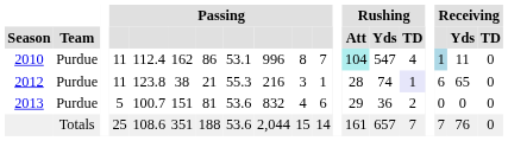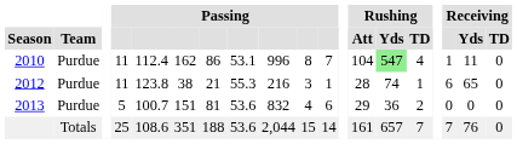 <table border="0" cellpadding="3" cellspacing="0" style="text-align:center">
 <tr style="background:#e0e0e0;">
 <th colspan="2" style="background:White;"> </th>
 <th rowspan="99" style="background:White;"> </th>
 <th colspan="8">Passing</th>
 <th rowspan="99" style="background:White;"> </th>
 <th colspan="3">Rushing</th>
 <th rowspan="99" style="background:White;"> </th>
 <th colspan="3">Receiving</th>
 </tr>
 <tr style="background:#e0e0e0;">
 <th>Season</th>
 <th>Team</th>
 <th></th>
 <th></th>
 <th></th>
 <th></th>
 <th></th>
 <th></th>
 <th></th>
 <th></th>
 <th align="center">Att</th>
 <th>Yds</th>
 <th>TD</th>
 <th align="center"></th>
 <th>Yds</th>
 <th>TD</th>
 </tr>
 <tr>
 <td><a href='#'>2010</a></td>
 <td>Purdue</td>
 <td>11</td>
 <td>112.4</td>
 <td>162</td>
 <td>86</td>
 <td>53.1</td>
 <td>996</td>
 <td>8</td>
 <td>7</td>
-<td style="background: paleturquoise;">104</td>
-<td>547</td>
+<td>104</td>
+<td style="background: lightgreen;">547</td>
 <td>4</td>
-<td style="background: lightblue;">1</td>
+<td>1</td>
 <td>11</td>
 <td>0</td>
 </tr>
 <tr>
 <td><a href='#'>2012</a></td>
 <td>Purdue</td>
 <td>11</td>
 <td>123.8</td>
 <td>38</td>
 <td>21</td>
 <td>55.3</td>
 <td>216</td>
 <td>3</td>
 <td>1</td>
 <td>28</td>
 <td>74</td>
-<td style="background: lavender;">1</td>
+<td>1</td>
 <td>6</td>
 <td>65</td>
 <td>0</td>
 </tr>
 <tr>
 <td><a href='#'>2013</a></td>
 <td>Purdue</td>
 <td>5</td>
 <td>100.7</td>
 <td>151</td>
 <td>81</td>
 <td>53.6</td>
 <td>832</td>
 <td>4</td>
 <td>6</td>
 <td>29</td>
 <td>36</td>
 <td>2</td>
 <td>0</td>
 <td>0</td>
 <td>0</td>
 </tr>
 <tr style="background:#f0f0f0;">
 <td></td>
 <td>Totals</td>
 <td>25</td>
 <td>108.6</td>
 <td>351</td>
 <td>188</td>
 <td>53.6</td>
 <td>2,044</td>
 <td>15</td>
 <td>14</td>
 <td>161</td>
 <td>657</td>
 <td>7</td>
 <td>7</td>
 <td>76</td>
 <td>0</td>
 </tr>
 <tr>
 </tr>
 </table>
